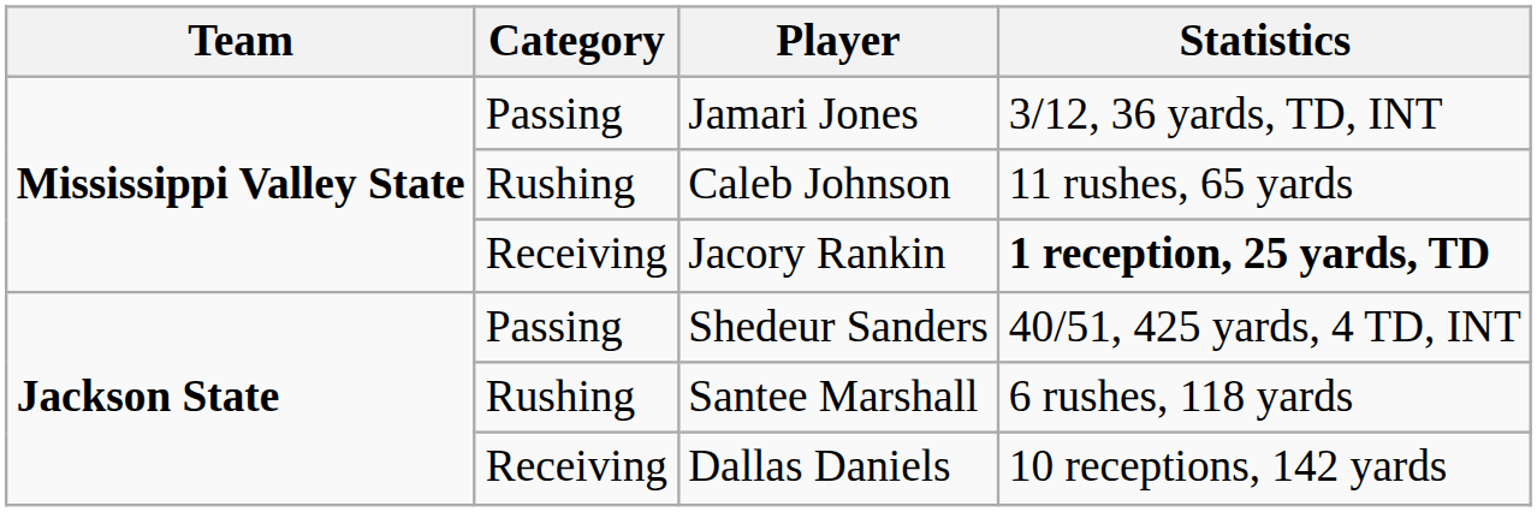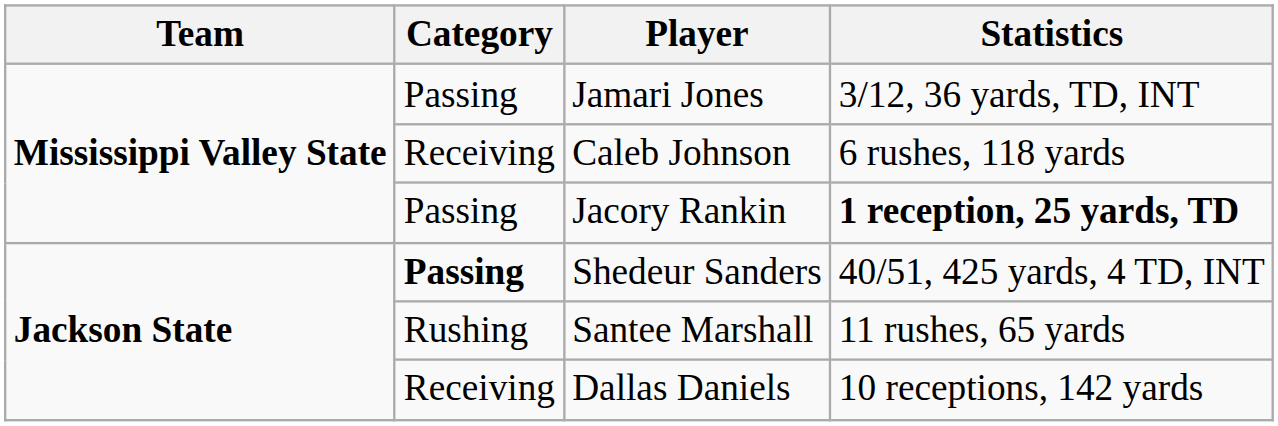 <table class="wikitable" style="float: left;">
 <tr>
 <th>Team</th>
 <th>Category</th>
 <th>Player</th>
 <th>Statistics</th>
 </tr>
 <tr>
 <td rowspan=3><strong>Mississippi Valley State</strong></td>
 <td>Passing</td>
 <td>Jamari Jones</td>
 <td>3/12, 36 yards, TD, INT</td>
 </tr>
 <tr>
-<td>Rushing</td>
+<td>Receiving</td>
 <td>Caleb Johnson</td>
-<td>11 rushes, 65 yards</td>
+<td>6 rushes, 118 yards</td>
 </tr>
 <tr>
-<td>Receiving</td>
+<td>Passing</td>
 <td>Jacory Rankin</td>
 <td><strong>1 reception, 25 yards, TD</strong></td>
 </tr>
 <tr>
 <td rowspan=3><strong>Jackson State</strong></td>
-<td>Passing</td>
+<td><strong>Passing</strong></td>
 <td>Shedeur Sanders</td>
 <td>40/51, 425 yards, 4 TD, INT</td>
 </tr>
 <tr>
 <td>Rushing</td>
 <td>Santee Marshall</td>
-<td>6 rushes, 118 yards</td>
+<td>11 rushes, 65 yards</td>
 </tr>
 <tr>
 <td>Receiving</td>
 <td>Dallas Daniels</td>
 <td>10 receptions, 142 yards</td>
 </tr>
 </table>
